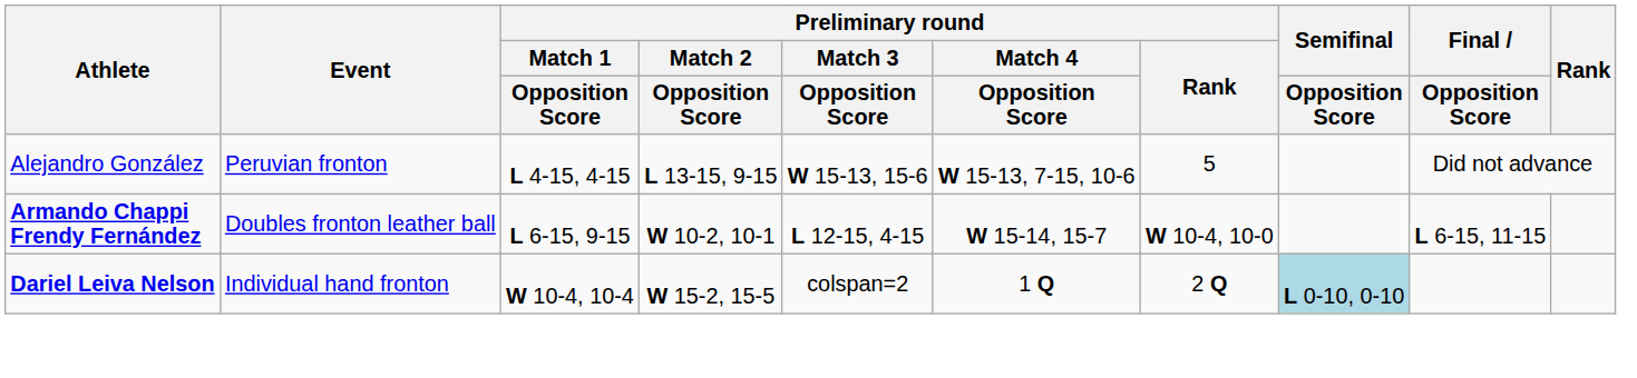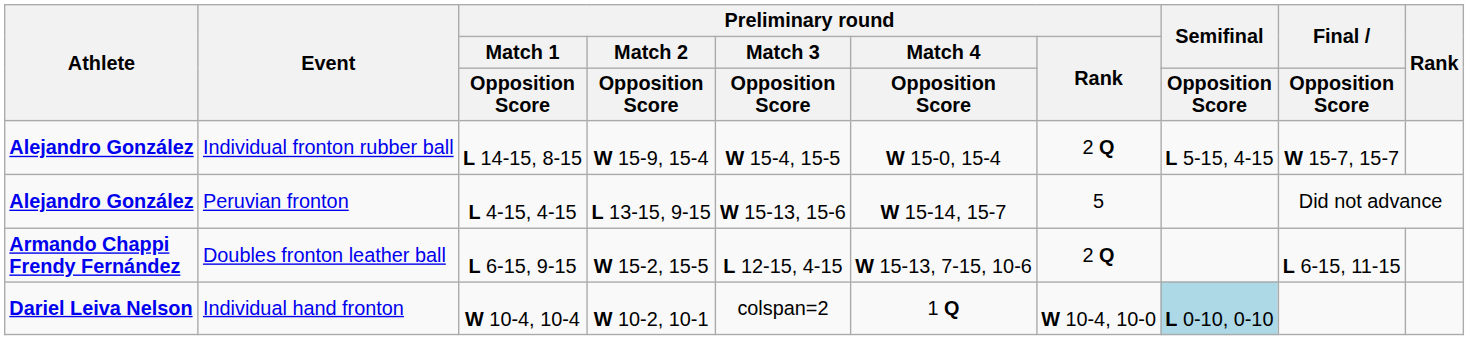 <table class="wikitable" border="1" style="font-size:90%">
 <tr>
 <th rowspan=3>Athlete</th>
 <th rowspan=3>Event</th>
 <th colspan=5>Preliminary round</th>
 <th rowspan=2>Semifinal</th>
 <th rowspan=2>Final / </th>
 <th rowspan=3>Rank</th>
 </tr>
 <tr>
 <th>Match 1</th>
 <th>Match 2</th>
 <th>Match 3</th>
 <th>Match 4</th>
 <th rowspan=2>Rank</th>
 </tr>
 <tr>
 <th>Opposition<br>Score</th>
 <th>Opposition<br>Score</th>
 <th>Opposition<br>Score</th>
 <th>Opposition<br>Score</th>
 <th>Opposition<br>Score</th>
 <th>Opposition<br>Score</th>
 </tr>
 <tr align=center>
-<td align=left><a href='#'>Alejandro González</a></td>
+<td align=left><strong><a href='#'>Alejandro González</a></strong></td>
+<td align=left><a href='#'>Individual fronton rubber ball</a></td>
+<td><br><strong>L</strong> 14-15, 8-15</td>
+<td><br><strong>W</strong> 15-9, 15-4</td>
+<td><br><strong>W</strong> 15-4, 15-5</td>
+<td><br><strong>W</strong> 15-0, 15-4</td>
+<td>2 <strong>Q</strong></td>
+<td><br><strong>L</strong> 5-15, 4-15</td>
+<td><br><strong>W</strong> 15-7, 15-7</td>
+<td></td>
+</tr>
+<tr align=center>
+<td align=left><strong><a href='#'>Alejandro González</a></strong></td>
 <td align=left><a href='#'>Peruvian fronton</a></td>
 <td><br><strong>L</strong> 4-15, 4-15</td>
 <td><br><strong>L</strong> 13-15, 9-15</td>
 <td><br><strong>W</strong> 15-13, 15-6</td>
-<td><br><strong>W</strong> 15-13, 7-15, 10-6</td>
+<td><br><strong>W</strong> 15-14, 15-7</td>
 <td>5</td>
 <td></td>
 <td colspan=2>Did not advance</td>
 </tr>
 <tr align=center>
 <td align=left><strong><a href='#'>Armando Chappi</a><br><a href='#'>Frendy Fernández</a></strong></td>
 <td align=left><a href='#'>Doubles fronton leather ball</a></td>
 <td><br><strong>L</strong> 6-15, 9-15</td>
-<td><br><strong>W</strong> 10-2, 10-1</td>
+<td><br><strong>W</strong> 15-2, 15-5</td>
 <td><br><strong>L</strong> 12-15, 4-15</td>
-<td><br><strong>W</strong> 15-14, 15-7</td>
-<td><br><strong>W</strong> 10-4, 10-0</td>
+<td><br><strong>W</strong> 15-13, 7-15, 10-6</td>
+<td>2 <strong>Q</strong></td>
 <td></td>
 <td><br><strong>L</strong> 6-15, 11-15</td>
 <td></td>
 </tr>
 <tr align=center>
 <td align=left><strong><a href='#'>Dariel Leiva Nelson</a></strong></td>
 <td align=left><a href='#'>Individual hand fronton</a></td>
 <td><br><strong>W</strong> 10-4, 10-4</td>
-<td><br><strong>W</strong> 15-2, 15-5</td>
+<td><br><strong>W</strong> 10-2, 10-1</td>
 <td>colspan=2 </td>
 <td>1 <strong>Q</strong></td>
-<td>2 <strong>Q</strong></td>
+<td><br><strong>W</strong> 10-4, 10-0</td>
 <td style="background: lightblue;"><br><strong>L</strong> 0-10, 0-10</td>
 <td></td>
 </tr>
 </table>
